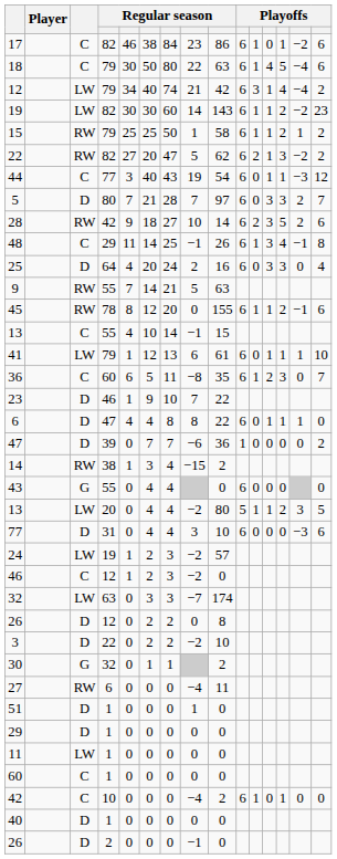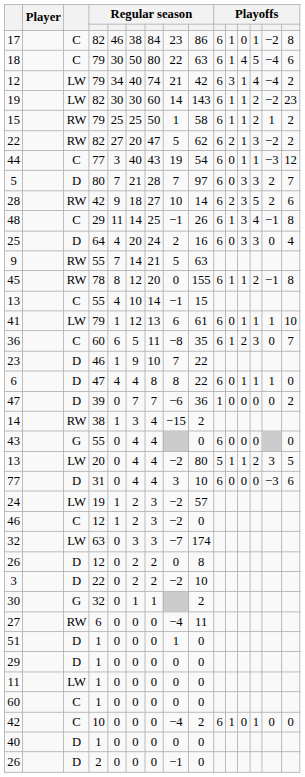 <table class="wikitable sortable plainrowheaders" style="text-align:center;">
 <tr>
 <th scope="col" data-sort-type="number" rowspan="2"></th>
 <th scope="col" rowspan="2">Player</th>
 <th scope="col" rowspan="2"></th>
 <th scope=colgroup colspan=6>Regular season</th>
 <th scope=colgroup colspan=6>Playoffs</th>
 </tr>
 <tr>
 <th scope="col" data-sort-type="number"></th>
 <th scope="col" data-sort-type="number"></th>
 <th scope="col" data-sort-type="number"></th>
 <th scope="col" data-sort-type="number"></th>
 <th scope="col" data-sort-type="number"></th>
 <th scope="col" data-sort-type="number"></th>
 <th scope="col" data-sort-type="number"></th>
 <th scope="col" data-sort-type="number"></th>
 <th scope="col" data-sort-type="number"></th>
 <th scope="col" data-sort-type="number"></th>
 <th scope="col" data-sort-type="number"></th>
 <th scope="col" data-sort-type="number"></th>
 </tr>
 <tr>
 <td scope="row">17</td>
 <td align="left"></td>
 <td>C</td>
 <td>82</td>
 <td>46</td>
 <td>38</td>
 <td>84</td>
 <td>23</td>
 <td>86</td>
 <td>6</td>
 <td>1</td>
 <td>0</td>
 <td>1</td>
 <td>−2</td>
-<td>6</td>
+<td>8</td>
 </tr>
 <tr>
 <td scope="row">18</td>
 <td align="left"></td>
 <td>C</td>
 <td>79</td>
 <td>30</td>
 <td>50</td>
 <td>80</td>
 <td>22</td>
 <td>63</td>
 <td>6</td>
 <td>1</td>
 <td>4</td>
 <td>5</td>
 <td>−4</td>
 <td>6</td>
 </tr>
 <tr>
 <td scope="row">12</td>
 <td align="left"></td>
 <td>LW</td>
 <td>79</td>
 <td>34</td>
 <td>40</td>
 <td>74</td>
 <td>21</td>
 <td>42</td>
 <td>6</td>
 <td>3</td>
 <td>1</td>
 <td>4</td>
 <td>−4</td>
 <td>2</td>
 </tr>
 <tr>
 <td scope="row">19</td>
 <td align="left"></td>
 <td>LW</td>
 <td>82</td>
 <td>30</td>
 <td>30</td>
 <td>60</td>
 <td>14</td>
 <td>143</td>
 <td>6</td>
 <td>1</td>
 <td>1</td>
 <td>2</td>
 <td>−2</td>
 <td>23</td>
 </tr>
 <tr>
 <td scope="row">15</td>
 <td align="left"></td>
 <td>RW</td>
 <td>79</td>
 <td>25</td>
 <td>25</td>
 <td>50</td>
 <td>1</td>
 <td>58</td>
 <td>6</td>
 <td>1</td>
 <td>1</td>
 <td>2</td>
 <td>1</td>
 <td>2</td>
 </tr>
 <tr>
 <td scope="row">22</td>
 <td align="left"></td>
 <td>RW</td>
 <td>82</td>
 <td>27</td>
 <td>20</td>
 <td>47</td>
 <td>5</td>
 <td>62</td>
 <td>6</td>
 <td>2</td>
 <td>1</td>
 <td>3</td>
 <td>−2</td>
 <td>2</td>
 </tr>
 <tr>
 <td scope="row">44</td>
 <td align="left"></td>
 <td>C</td>
 <td>77</td>
 <td>3</td>
 <td>40</td>
 <td>43</td>
 <td>19</td>
 <td>54</td>
 <td>6</td>
 <td>0</td>
 <td>1</td>
 <td>1</td>
 <td>−3</td>
 <td>12</td>
 </tr>
 <tr>
 <td scope="row">5</td>
 <td align="left"></td>
 <td>D</td>
 <td>80</td>
 <td>7</td>
 <td>21</td>
 <td>28</td>
 <td>7</td>
 <td>97</td>
 <td>6</td>
 <td>0</td>
 <td>3</td>
 <td>3</td>
 <td>2</td>
 <td>7</td>
 </tr>
 <tr>
 <td scope="row">28</td>
 <td align="left"></td>
 <td>RW</td>
 <td>42</td>
 <td>9</td>
 <td>18</td>
 <td>27</td>
 <td>10</td>
 <td>14</td>
 <td>6</td>
 <td>2</td>
 <td>3</td>
 <td>5</td>
 <td>2</td>
 <td>6</td>
 </tr>
 <tr>
 <td scope="row">48</td>
 <td align="left"></td>
 <td>C</td>
 <td>29</td>
 <td>11</td>
 <td>14</td>
 <td>25</td>
 <td>−1</td>
 <td>26</td>
 <td>6</td>
 <td>1</td>
 <td>3</td>
 <td>4</td>
 <td>−1</td>
 <td>8</td>
 </tr>
 <tr>
 <td scope="row">25</td>
 <td align="left"></td>
 <td>D</td>
 <td>64</td>
 <td>4</td>
 <td>20</td>
 <td>24</td>
 <td>2</td>
 <td>16</td>
 <td>6</td>
 <td>0</td>
 <td>3</td>
 <td>3</td>
 <td>0</td>
 <td>4</td>
 </tr>
 <tr>
 <td scope="row">9</td>
 <td align="left"></td>
 <td>RW</td>
 <td>55</td>
 <td>7</td>
 <td>14</td>
 <td>21</td>
 <td>5</td>
 <td>63</td>
 <td></td>
 <td></td>
 <td></td>
 <td></td>
 <td></td>
 <td></td>
 </tr>
 <tr>
 <td scope="row">45</td>
 <td align="left"></td>
 <td>RW</td>
 <td>78</td>
 <td>8</td>
 <td>12</td>
 <td>20</td>
 <td>0</td>
 <td>155</td>
 <td>6</td>
 <td>1</td>
 <td>1</td>
 <td>2</td>
 <td>−1</td>
-<td>6</td>
+<td>8</td>
 </tr>
 <tr>
 <td scope="row">13</td>
 <td align="left"></td>
 <td>C</td>
 <td>55</td>
 <td>4</td>
 <td>10</td>
 <td>14</td>
 <td>−1</td>
 <td>15</td>
 <td></td>
 <td></td>
 <td></td>
 <td></td>
 <td></td>
 <td></td>
 </tr>
 <tr>
 <td scope="row">41</td>
 <td align="left"></td>
 <td>LW</td>
 <td>79</td>
 <td>1</td>
 <td>12</td>
 <td>13</td>
 <td>6</td>
 <td>61</td>
 <td>6</td>
 <td>0</td>
 <td>1</td>
 <td>1</td>
 <td>1</td>
 <td>10</td>
 </tr>
 <tr>
 <td scope="row">36</td>
 <td align="left"></td>
 <td>C</td>
 <td>60</td>
 <td>6</td>
 <td>5</td>
 <td>11</td>
 <td>−8</td>
 <td>35</td>
 <td>6</td>
 <td>1</td>
 <td>2</td>
 <td>3</td>
 <td>0</td>
 <td>7</td>
 </tr>
 <tr>
 <td scope="row">23</td>
 <td align="left"></td>
 <td>D</td>
 <td>46</td>
 <td>1</td>
 <td>9</td>
 <td>10</td>
 <td>7</td>
 <td>22</td>
 <td></td>
 <td></td>
 <td></td>
 <td></td>
 <td></td>
 <td></td>
 </tr>
 <tr>
 <td scope="row">6</td>
 <td align="left"></td>
 <td>D</td>
 <td>47</td>
 <td>4</td>
 <td>4</td>
 <td>8</td>
 <td>8</td>
 <td>22</td>
 <td>6</td>
 <td>0</td>
 <td>1</td>
 <td>1</td>
 <td>1</td>
 <td>0</td>
 </tr>
 <tr>
 <td scope="row">47</td>
 <td align="left"></td>
 <td>D</td>
 <td>39</td>
 <td>0</td>
 <td>7</td>
 <td>7</td>
 <td>−6</td>
 <td>36</td>
 <td>1</td>
 <td>0</td>
 <td>0</td>
 <td>0</td>
 <td>0</td>
 <td>2</td>
 </tr>
 <tr>
 <td scope="row">14</td>
 <td align="left"></td>
 <td>RW</td>
 <td>38</td>
 <td>1</td>
 <td>3</td>
 <td>4</td>
 <td>−15</td>
 <td>2</td>
 <td></td>
 <td></td>
 <td></td>
 <td></td>
 <td></td>
 <td></td>
 </tr>
 <tr>
 <td scope="row">43</td>
 <td align="left"></td>
 <td>G</td>
 <td>55</td>
 <td>0</td>
 <td>4</td>
 <td>4</td>
 <td style="background:#ccc"></td>
 <td>0</td>
 <td>6</td>
 <td>0</td>
 <td>0</td>
 <td>0</td>
 <td style="background:#ccc"></td>
 <td>0</td>
 </tr>
 <tr>
 <td scope="row">13</td>
 <td align="left"></td>
 <td>LW</td>
 <td>20</td>
 <td>0</td>
 <td>4</td>
 <td>4</td>
 <td>−2</td>
 <td>80</td>
 <td>5</td>
 <td>1</td>
 <td>1</td>
 <td>2</td>
 <td>3</td>
 <td>5</td>
 </tr>
 <tr>
 <td scope="row">77</td>
 <td align="left"></td>
 <td>D</td>
 <td>31</td>
 <td>0</td>
 <td>4</td>
 <td>4</td>
 <td>3</td>
 <td>10</td>
 <td>6</td>
 <td>0</td>
 <td>0</td>
 <td>0</td>
 <td>−3</td>
 <td>6</td>
 </tr>
 <tr>
 <td scope="row">24</td>
 <td align="left"></td>
 <td>LW</td>
 <td>19</td>
 <td>1</td>
 <td>2</td>
 <td>3</td>
 <td>−2</td>
 <td>57</td>
 <td></td>
 <td></td>
 <td></td>
 <td></td>
 <td></td>
 <td></td>
 </tr>
 <tr>
 <td scope="row">46</td>
 <td align="left"></td>
 <td>C</td>
 <td>12</td>
 <td>1</td>
 <td>2</td>
 <td>3</td>
 <td>−2</td>
 <td>0</td>
 <td></td>
 <td></td>
 <td></td>
 <td></td>
 <td></td>
 <td></td>
 </tr>
 <tr>
 <td scope="row">32</td>
 <td align="left"></td>
 <td>LW</td>
 <td>63</td>
 <td>0</td>
 <td>3</td>
 <td>3</td>
 <td>−7</td>
 <td>174</td>
 <td></td>
 <td></td>
 <td></td>
 <td></td>
 <td></td>
 <td></td>
 </tr>
 <tr>
 <td scope="row">26</td>
 <td align="left"></td>
 <td>D</td>
 <td>12</td>
 <td>0</td>
 <td>2</td>
 <td>2</td>
 <td>0</td>
 <td>8</td>
 <td></td>
 <td></td>
 <td></td>
 <td></td>
 <td></td>
 <td></td>
 </tr>
 <tr>
 <td scope="row">3</td>
 <td align="left"></td>
 <td>D</td>
 <td>22</td>
 <td>0</td>
 <td>2</td>
 <td>2</td>
 <td>−2</td>
 <td>10</td>
 <td></td>
 <td></td>
 <td></td>
 <td></td>
 <td></td>
 <td></td>
 </tr>
 <tr>
 <td scope="row">30</td>
 <td align="left"></td>
 <td>G</td>
 <td>32</td>
 <td>0</td>
 <td>1</td>
 <td>1</td>
 <td style="background:#ccc"></td>
 <td>2</td>
 <td></td>
 <td></td>
 <td></td>
 <td></td>
 <td></td>
 <td></td>
 </tr>
 <tr>
 <td scope="row">27</td>
 <td align="left"></td>
 <td>RW</td>
 <td>6</td>
 <td>0</td>
 <td>0</td>
 <td>0</td>
 <td>−4</td>
 <td>11</td>
 <td></td>
 <td></td>
 <td></td>
 <td></td>
 <td></td>
 <td></td>
 </tr>
 <tr>
 <td scope="row">51</td>
 <td align="left"></td>
 <td>D</td>
 <td>1</td>
 <td>0</td>
 <td>0</td>
 <td>0</td>
 <td>1</td>
 <td>0</td>
 <td></td>
 <td></td>
 <td></td>
 <td></td>
 <td></td>
 <td></td>
 </tr>
 <tr>
 <td scope="row">29</td>
 <td align="left"></td>
 <td>D</td>
 <td>1</td>
 <td>0</td>
 <td>0</td>
 <td>0</td>
 <td>0</td>
 <td>0</td>
 <td></td>
 <td></td>
 <td></td>
 <td></td>
 <td></td>
 <td></td>
 </tr>
 <tr>
 <td scope="row">11</td>
 <td align="left"></td>
 <td>LW</td>
 <td>1</td>
 <td>0</td>
 <td>0</td>
 <td>0</td>
 <td>0</td>
 <td>0</td>
 <td></td>
 <td></td>
 <td></td>
 <td></td>
 <td></td>
 <td></td>
 </tr>
 <tr>
 <td scope="row">60</td>
 <td align="left"></td>
 <td>C</td>
 <td>1</td>
 <td>0</td>
 <td>0</td>
 <td>0</td>
 <td>0</td>
 <td>0</td>
 <td></td>
 <td></td>
 <td></td>
 <td></td>
 <td></td>
 <td></td>
 </tr>
 <tr>
 <td scope="row">42</td>
 <td align="left"></td>
 <td>C</td>
 <td>10</td>
 <td>0</td>
 <td>0</td>
 <td>0</td>
 <td>−4</td>
 <td>2</td>
 <td>6</td>
 <td>1</td>
 <td>0</td>
 <td>1</td>
 <td>0</td>
 <td>0</td>
 </tr>
 <tr>
 <td scope="row">40</td>
 <td align="left"></td>
 <td>D</td>
 <td>1</td>
 <td>0</td>
 <td>0</td>
 <td>0</td>
 <td>0</td>
 <td>0</td>
 <td></td>
 <td></td>
 <td></td>
 <td></td>
 <td></td>
 <td></td>
 </tr>
 <tr>
 <td scope="row">26</td>
 <td align="left"></td>
 <td>D</td>
 <td>2</td>
 <td>0</td>
 <td>0</td>
 <td>0</td>
 <td>−1</td>
 <td>0</td>
 <td></td>
 <td></td>
 <td></td>
 <td></td>
 <td></td>
 <td></td>
 </tr>
 </table>
